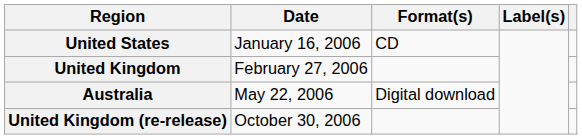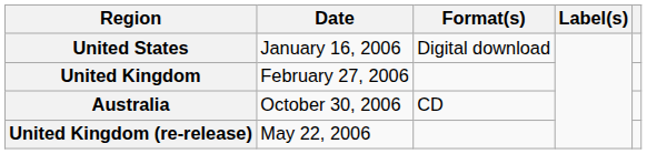 <table class="wikitable plainrowheaders">
 <tr>
 <th scope="col">Region</th>
 <th scope="col">Date</th>
 <th scope="col">Format(s)</th>
 <th scope="col">Label(s)</th>
 <th scope="col"></th>
 </tr>
 <tr>
 <th scope="row">United States</th>
 <td>January 16, 2006</td>
-<td>CD</td>
+<td>Digital download</td>
 <td rowspan="4"></td>
 <td></td>
 </tr>
 <tr>
 <th scope="row">United Kingdom</th>
 <td>February 27, 2006</td>
 <td></td>
 <td></td>
 </tr>
 <tr>
 <th scope="row">Australia</th>
-<td>May 22, 2006</td>
-<td>Digital download</td>
+<td>October 30, 2006</td>
+<td>CD</td>
 <td></td>
 </tr>
 <tr>
 <th scope="row">United Kingdom (re-release)</th>
-<td>October 30, 2006</td>
+<td>May 22, 2006</td>
 <td></td>
 <td></td>
 </tr>
 </table>
